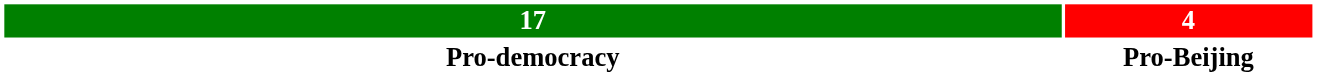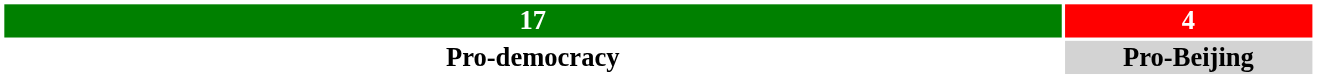 <table style="width:50%; text-align:center;">
 <tr style="color:white;">
 <td style="background:green; width:81%;"><strong>17</strong></td>
 <td style="background:red; width:19%;"><strong>4</strong></td>
 </tr>
 <tr>
 <td><span><strong>Pro-democracy</strong></span></td>
-<td><span><strong>Pro-Beijing</strong></span></td>
+<td style="background: lightgrey;"><span><strong>Pro-Beijing</strong></span></td>
 </tr>
 </table>
